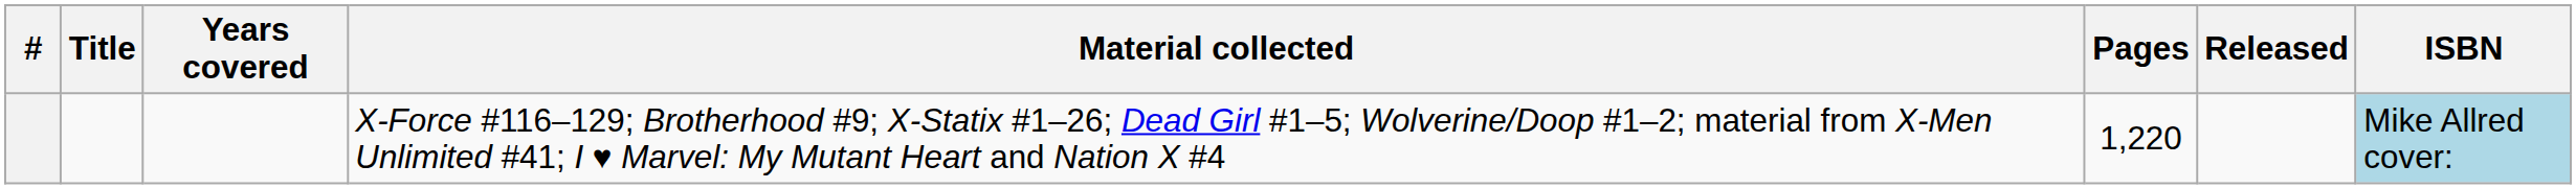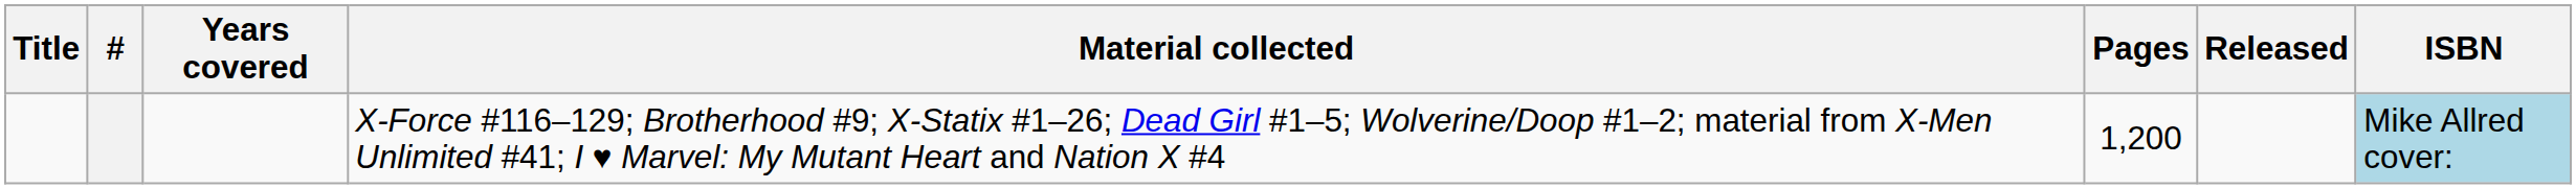 <table class="wikitable sortable" width="99%">
 <tr>
+<th>Title</th>
 <th class="unsortable" width="20px">#</th>
-<th>Title</th>
 <th>Years covered</th>
 <th class="unsortable">Material collected</th>
 <th>Pages</th>
 <th>Released</th>
 <th class="unsortable">ISBN</th>
 </tr>
 <tr>
+<td></td>
 <th style="background-color: light grey;"></th>
 <td></td>
-<td></td>
 <td><em>X-Force</em> #116–129; <em>Brotherhood</em> #9; <em>X-Statix</em> #1–26; <em><a href='#'>Dead Girl</a></em> #1–5; <em>Wolverine/Doop</em> #1–2; material from <em>X-Men Unlimited</em> #41; <em>I ♥ Marvel: My Mutant Heart</em> and <em>Nation X</em> #4</td>
-<td style="text-align: center;">1,220</td>
+<td style="text-align: center;">1,200</td>
 <td></td>
 <td style="background: lightblue;">Mike Allred cover: </td>
 </tr>
 </table>
